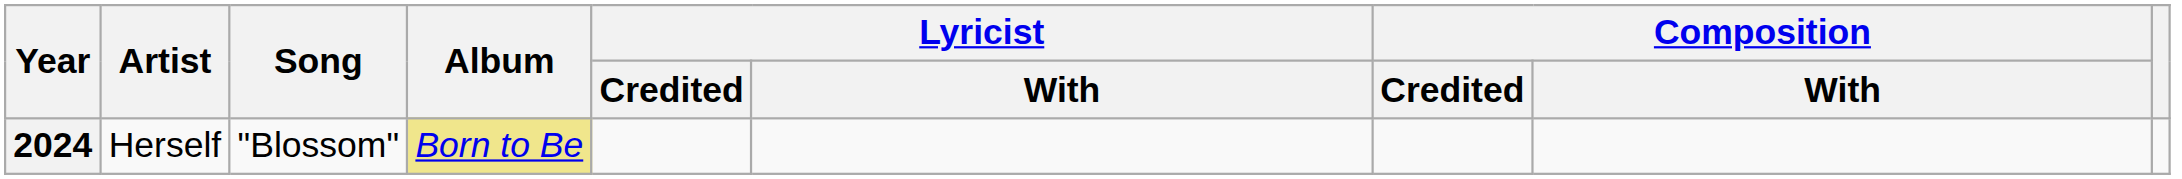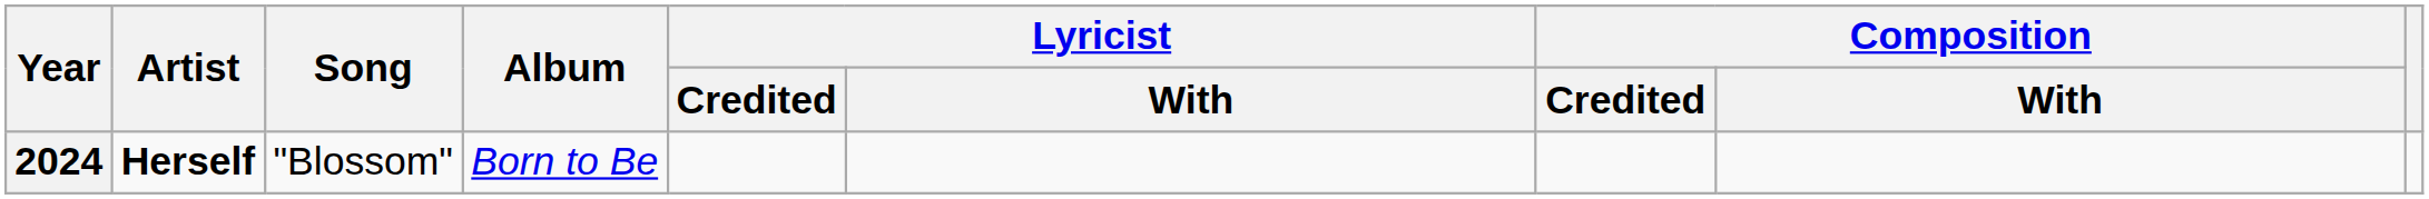 <table class="wikitable plainrowheaders sortable">
 <tr>
 <th rowspan="2">Year</th>
 <th rowspan="2">Artist</th>
 <th rowspan="2">Song</th>
 <th rowspan="2">Album</th>
 <th colspan="2"><a href='#'>Lyricist</a></th>
 <th colspan="2"><a href='#'>Composition</a></th>
 <th class="unsortable" scope="col" rowspan="2"></th>
 </tr>
 <tr>
 <th>Credited</th>
 <th style="width:17em">With</th>
 <th>Credited</th>
 <th style="width:17em">With</th>
 </tr>
 <tr>
 <th scope="row">2024</th>
-<td>Herself</td>
+<td><strong>Herself</strong></td>
 <td>"Blossom"</td>
-<td style="background: khaki;"><em><a href='#'>Born to Be</a></em></td>
+<td><em><a href='#'>Born to Be</a></em></td>
 <td></td>
 <td style="text-align:center"></td>
 <td></td>
 <td style="text-align:center"></td>
 <td></td>
 </tr>
 </table>
